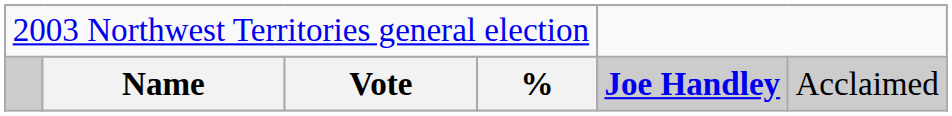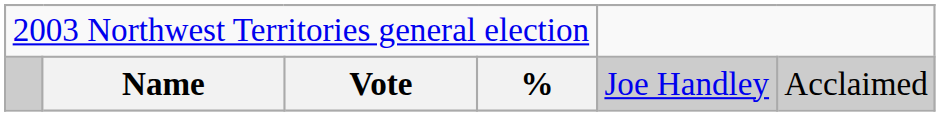 <table class="wikitable">
 <tr>
 <td colspan=4 align=center><a href='#'>2003 Northwest Territories general election</a></td>
 </tr>
 <tr bgcolor="CCCCCC">
 <td></td>
 <th><strong>Name </strong></th>
 <th><strong>Vote</strong></th>
 <th><strong>%</strong><br></th>
-<td><strong><a href='#'>Joe Handley</a></strong></td>
+<td><a href='#'>Joe Handley</a></td>
 <td colspan="2" align=center>Acclaimed</td>
 </tr>
 </table>
